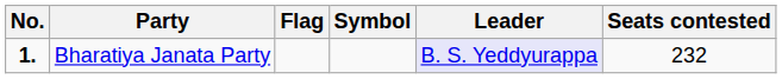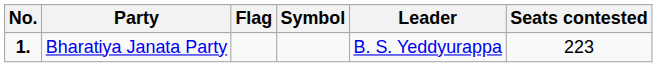 <table class="wikitable">
 <tr>
 <th>No.</th>
 <th>Party</th>
 <th>Flag</th>
 <th>Symbol</th>
 <th>Leader</th>
 <th>Seats contested</th>
 </tr>
 <tr>
 <td ! style="text-align:center; background:"><strong>1.</strong></td>
 <td style="text-align:center"><a href='#'>Bharatiya Janata Party</a></td>
 <td></td>
 <td></td>
-<td style="background: lavender; text-align:center"><a href='#'>B. S. Yeddyurappa</a></td>
-<td style="text-align:center">232</td>
+<td style="text-align:center"><a href='#'>B. S. Yeddyurappa</a></td>
+<td style="text-align:center">223</td>
 </tr>
 </table>
